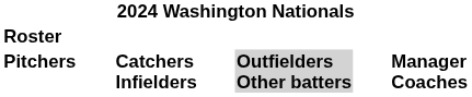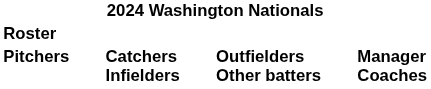 <table class="toccolours" style="font-size: 95%;">
 <tr>
 <th colspan="10">2024 Washington Nationals</th>
 </tr>
 <tr>
 <td colspan="10"><strong>Roster</strong></td>
 </tr>
 <tr>
 <td valign="top"><strong>Pitchers</strong><br>                       </td>
 <td width="25px"></td>
 <td valign="top"><strong>Catchers</strong><br>   <strong>Infielders</strong>            </td>
 <td width="25px"></td>
-<td valign="top" style="background: lightgrey;"><strong>Outfielders</strong><br>         <strong>Other batters</strong>  </td>
+<td valign="top"><strong>Outfielders</strong><br>         <strong>Other batters</strong>  </td>
 <td width="25px"></td>
 <td valign="top"><strong>Manager</strong><br> <strong>Coaches</strong>                      </td>
 </tr>
 <tr>
 </tr>
 </table>
